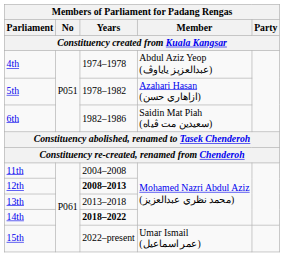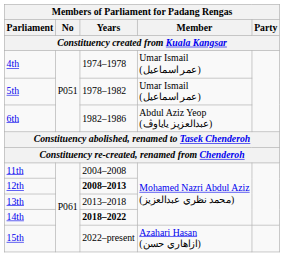 <table class=wikitable>
 <tr>
 <th colspan="5">Members of Parliament for Padang Rengas</th>
 </tr>
 <tr>
 <th>Parliament</th>
 <th>No</th>
 <th>Years</th>
 <th>Member</th>
 <th>Party</th>
 </tr>
 <tr>
 <th colspan="5" align="center"><em>Constituency created from <a href='#'>Kuala Kangsar</a></em></th>
 </tr>
 <tr>
 <td><a href='#'>4th</a></td>
 <td rowspan="3">P051</td>
 <td>1974–1978</td>
-<td>Abdul Aziz Yeop <br> (عبدالعزيز ياياوڤ)</td>
+<td>Umar Ismail <br> (عمر اسماعيل)</td>
 <td rowspan=3></td>
 </tr>
 <tr>
 <td><a href='#'>5th</a></td>
 <td>1978–1982</td>
-<td><a href='#'>Azahari Hasan</a> <br> (ازاهاري حسن)</td>
+<td>Umar Ismail <br> (عمر اسماعيل)</td>
 </tr>
 <tr>
 <td><a href='#'>6th</a></td>
 <td>1982–1986</td>
-<td>Saidin Mat Piah  <br>(سعيدين مت ڤياه)</td>
+<td>Abdul Aziz Yeop <br> (عبدالعزيز ياياوڤ)</td>
 </tr>
 <tr>
 <th colspan="5" align="center"><em>Constituency abolished, renamed to <a href='#'>Tasek Chenderoh</a></em></th>
 </tr>
 <tr>
 <th colspan="5" align="center"><em>Constituency re-created, renamed from <a href='#'>Chenderoh</a></em></th>
 </tr>
 <tr>
 <td><a href='#'>11th</a></td>
 <td rowspan="5">P061</td>
 <td>2004–2008</td>
 <td rowspan="4"><a href='#'>Mohamed Nazri Abdul Aziz</a> <br> (محمد نظري عبدالعزيز)</td>
 <td rowspan=4></td>
 </tr>
 <tr>
 <td><a href='#'>12th</a></td>
 <td><strong>2008–2013</strong></td>
 </tr>
 <tr>
 <td><a href='#'>13th</a></td>
 <td>2013–2018</td>
 </tr>
 <tr>
 <td><a href='#'>14th</a></td>
 <td><strong>2018–2022</strong></td>
 </tr>
 <tr>
 <td><a href='#'>15th</a></td>
 <td>2022–present</td>
-<td>Umar Ismail <br> (عمر اسماعيل)</td>
+<td><a href='#'>Azahari Hasan</a> <br> (ازاهاري حسن)</td>
 <td></td>
 </tr>
 </table>
